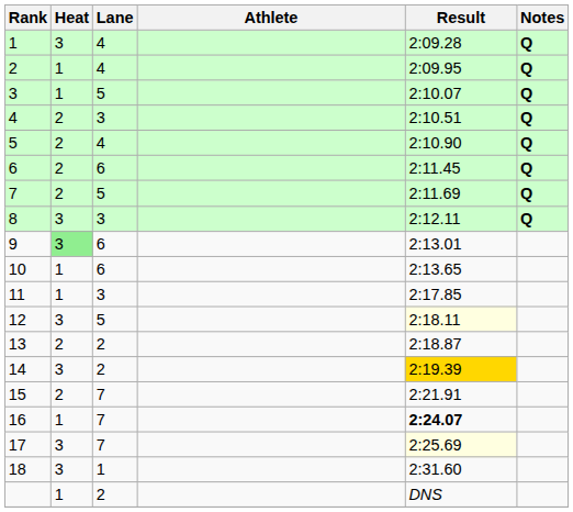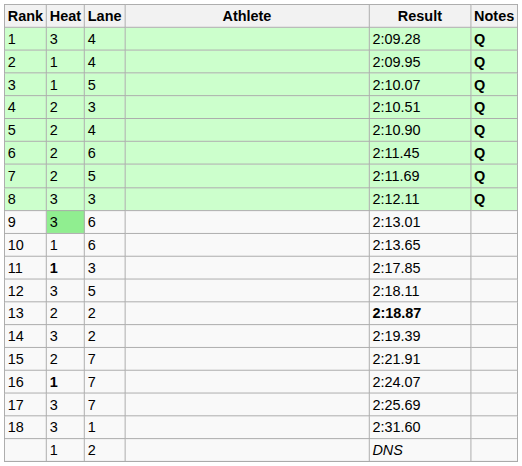 <table class="wikitable" style="font-size:95%" style="width:35em;" style="text-align:center">
 <tr>
 <th>Rank</th>
 <th>Heat</th>
 <th>Lane</th>
 <th width=250>Athlete</th>
 <th width=100>Result</th>
 <th>Notes</th>
 </tr>
 <tr bgcolor=ccffcc>
 <td>1</td>
 <td>3</td>
 <td>4</td>
 <td align=left></td>
 <td>2:09.28</td>
 <td><strong>Q</strong></td>
 </tr>
 <tr bgcolor=ccffcc>
 <td>2</td>
 <td>1</td>
 <td>4</td>
 <td align=left></td>
 <td>2:09.95</td>
 <td><strong>Q</strong></td>
 </tr>
 <tr bgcolor=ccffcc>
 <td>3</td>
 <td>1</td>
 <td>5</td>
 <td align=left></td>
 <td>2:10.07</td>
 <td><strong>Q</strong></td>
 </tr>
 <tr bgcolor=ccffcc>
 <td>4</td>
 <td>2</td>
 <td>3</td>
 <td align=left></td>
 <td>2:10.51</td>
 <td><strong>Q</strong></td>
 </tr>
 <tr bgcolor=ccffcc>
 <td>5</td>
 <td>2</td>
 <td>4</td>
 <td align=left></td>
 <td>2:10.90</td>
 <td><strong>Q</strong></td>
 </tr>
 <tr bgcolor=ccffcc>
 <td>6</td>
 <td>2</td>
 <td>6</td>
 <td align=left></td>
 <td>2:11.45</td>
 <td><strong>Q</strong></td>
 </tr>
 <tr bgcolor=ccffcc>
 <td>7</td>
 <td>2</td>
 <td>5</td>
 <td align=left></td>
 <td>2:11.69</td>
 <td><strong>Q</strong></td>
 </tr>
 <tr bgcolor=ccffcc>
 <td>8</td>
 <td>3</td>
 <td>3</td>
 <td align=left></td>
 <td>2:12.11</td>
 <td><strong>Q</strong></td>
 </tr>
 <tr>
 <td>9</td>
 <td style="background: lightgreen;">3</td>
 <td>6</td>
 <td align=left></td>
 <td>2:13.01</td>
 <td></td>
 </tr>
 <tr>
 <td>10</td>
 <td>1</td>
 <td>6</td>
 <td align=left></td>
 <td>2:13.65</td>
 <td></td>
 </tr>
 <tr>
 <td>11</td>
-<td>1</td>
+<td><strong>1</strong></td>
 <td>3</td>
 <td align=left></td>
 <td>2:17.85</td>
 <td></td>
 </tr>
 <tr>
 <td>12</td>
 <td>3</td>
 <td>5</td>
 <td align=left></td>
-<td style="background: lightyellow;">2:18.11</td>
+<td>2:18.11</td>
 <td></td>
 </tr>
 <tr>
 <td>13</td>
 <td>2</td>
 <td>2</td>
 <td align=left></td>
-<td>2:18.87</td>
+<td><strong>2:18.87</strong></td>
 <td></td>
 </tr>
 <tr>
 <td>14</td>
 <td>3</td>
 <td>2</td>
 <td align=left></td>
-<td style="background: gold;">2:19.39</td>
+<td>2:19.39</td>
 <td></td>
 </tr>
 <tr>
 <td>15</td>
 <td>2</td>
 <td>7</td>
 <td align=left></td>
 <td>2:21.91</td>
 <td></td>
 </tr>
 <tr>
 <td>16</td>
-<td>1</td>
+<td><strong>1</strong></td>
 <td>7</td>
 <td align=left></td>
-<td><strong>2:24.07</strong></td>
+<td>2:24.07</td>
 <td></td>
 </tr>
 <tr>
 <td>17</td>
 <td>3</td>
 <td>7</td>
 <td align=left></td>
-<td style="background: lightyellow;">2:25.69</td>
+<td>2:25.69</td>
 <td></td>
 </tr>
 <tr>
 <td>18</td>
 <td>3</td>
 <td>1</td>
 <td align=left></td>
 <td>2:31.60</td>
 <td></td>
 </tr>
 <tr>
 <td></td>
 <td>1</td>
 <td>2</td>
 <td align=left></td>
 <td><em>DNS</em></td>
 <td></td>
 </tr>
 <tr>
 </tr>
 </table>
